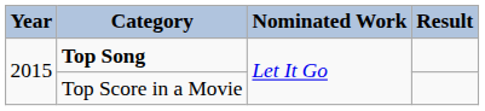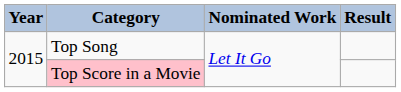 <table class="wikitable">
 <tr align="center">
 <th style="background:#B0C4DE">Year</th>
 <th style="background:#B0C4DE">Category</th>
 <th style="background:#B0C4DE">Nominated Work</th>
 <th style="background:#B0C4DE">Result</th>
 </tr>
 <tr>
 <td rowspan="2">2015</td>
-<td><strong>Top Song</strong></td>
+<td>Top Song</td>
 <td rowspan="2"><em><a href='#'>Let It Go</a></em></td>
 <td></td>
 </tr>
 <tr>
-<td>Top Score in a Movie</td>
+<td style="background: pink;">Top Score in a Movie</td>
 <td></td>
 </tr>
 </table>
